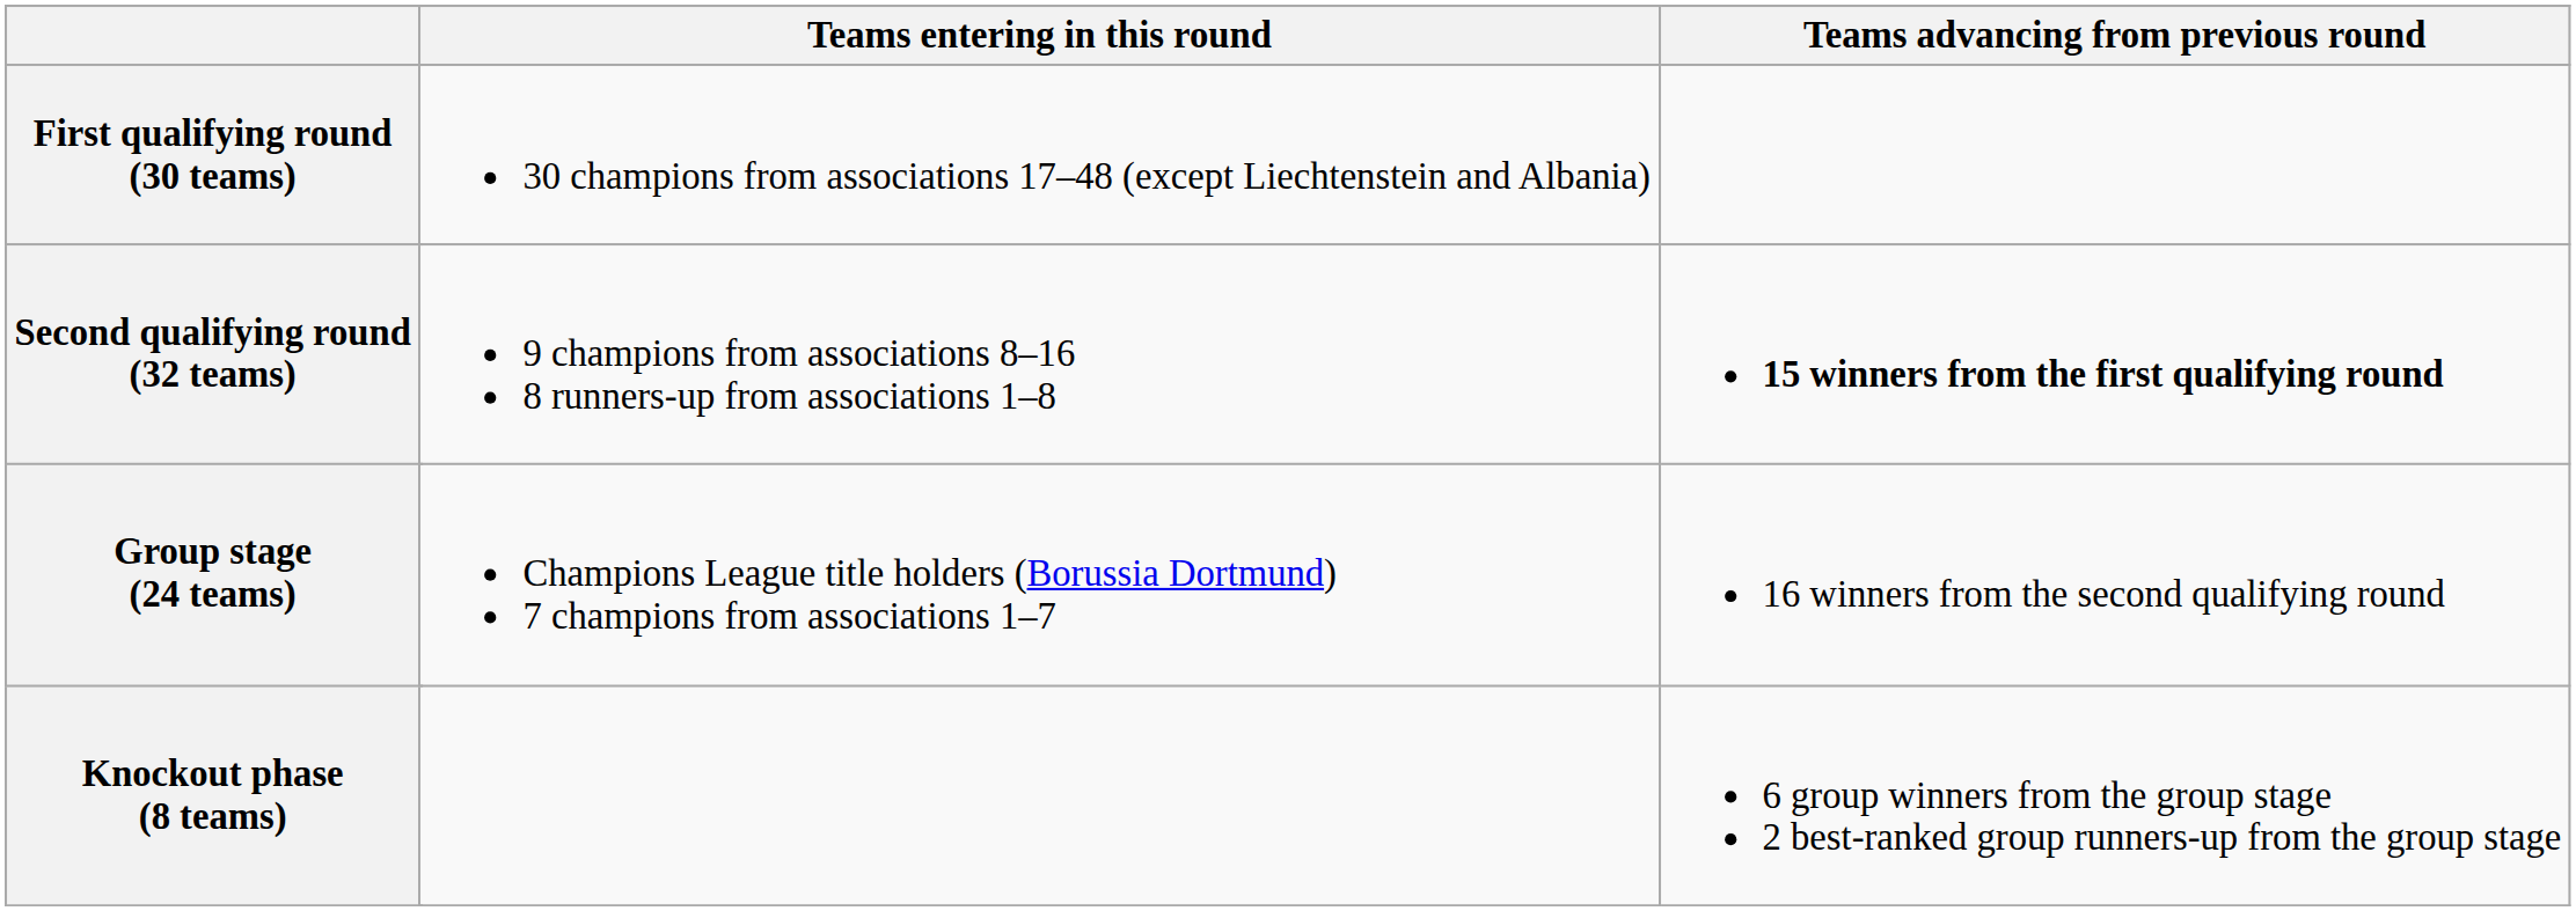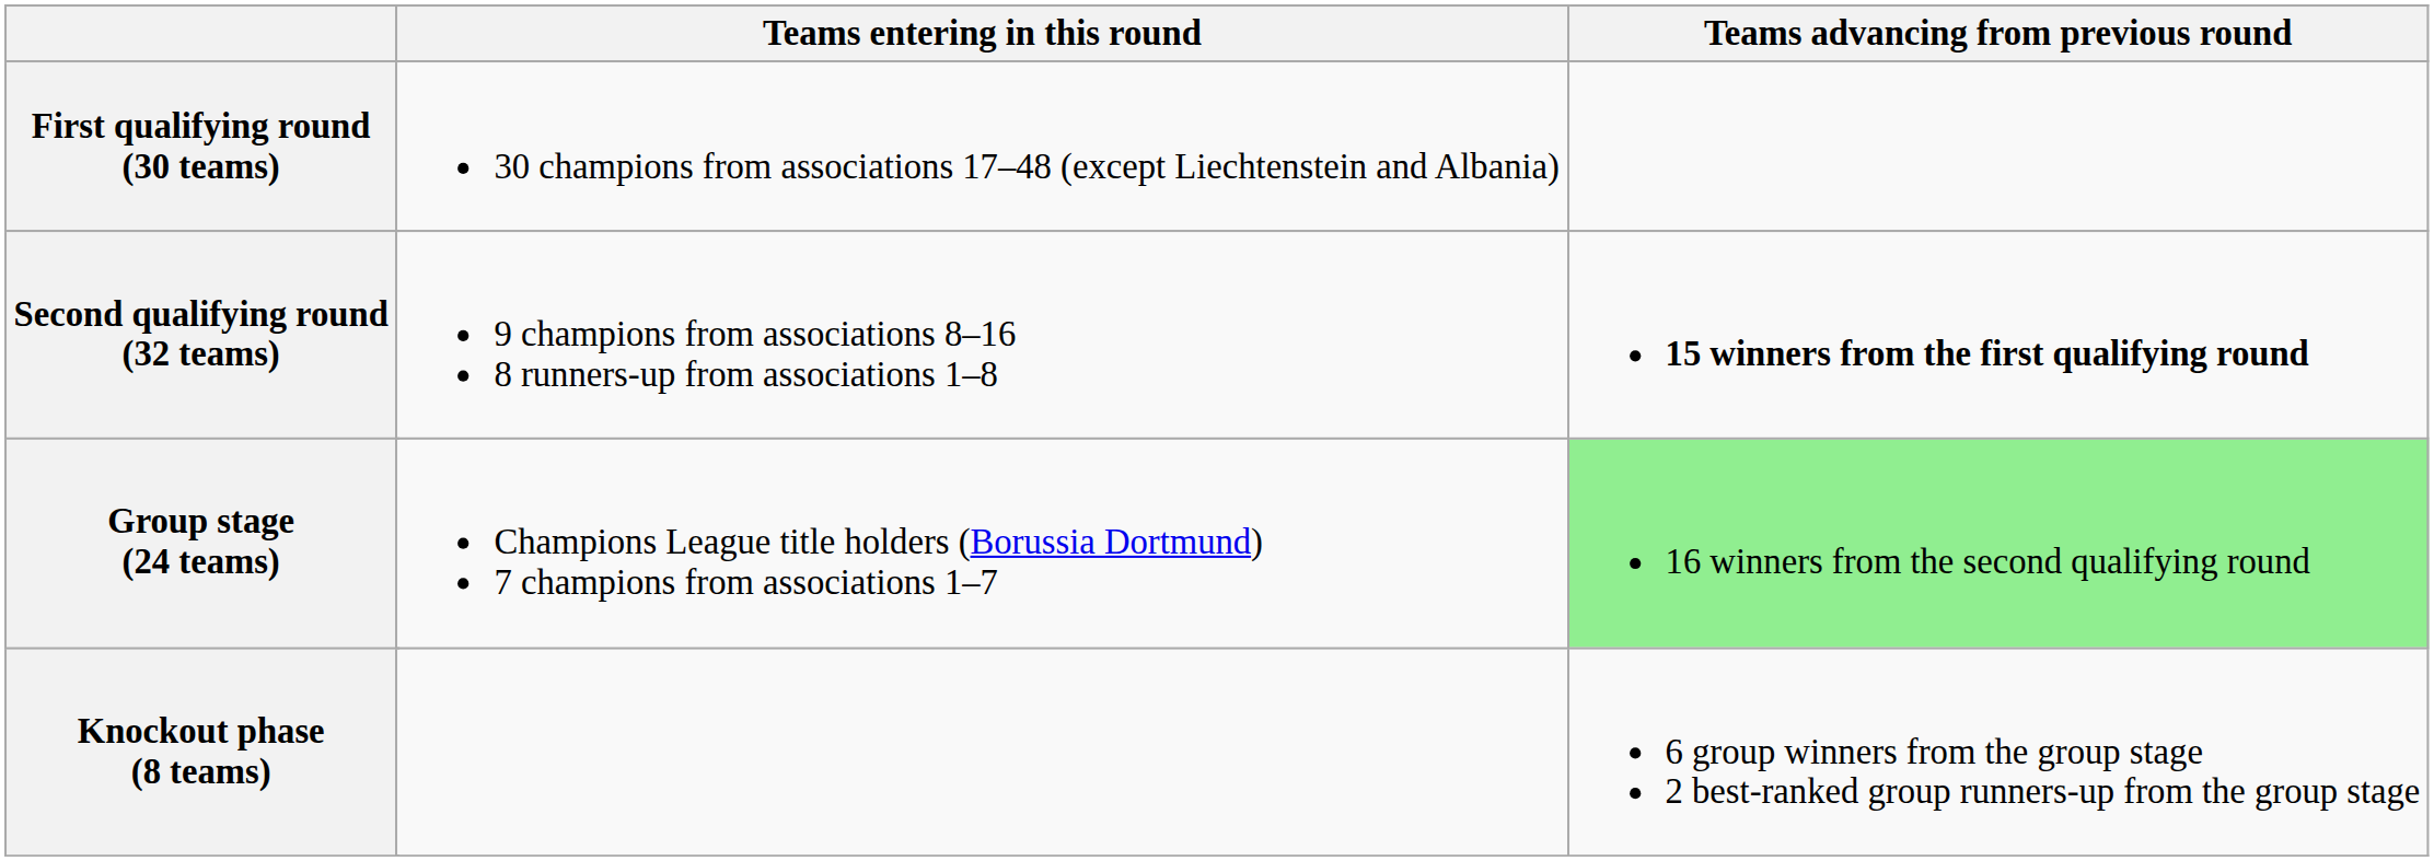 <table class="wikitable">
 <tr>
 <th colspan=2></th>
 <th>Teams entering in this round</th>
 <th>Teams advancing from previous round</th>
 </tr>
 <tr>
 <th colspan=2>First qualifying round<br>(30 teams)</th>
 <td><br><ul><li>30 champions from associations 17–48 (except Liechtenstein and Albania)</li></ul></td>
 <td></td>
 </tr>
 <tr>
 <th colspan=2>Second qualifying round<br>(32 teams)</th>
 <td><br><ul><li>9 champions from associations 8–16</li><li>8 runners-up from associations 1–8</li></ul></td>
 <td><strong><br><ul><li>15 winners from the first qualifying round</li></ul></strong></td>
 </tr>
 <tr>
 <th colspan=2>Group stage<br>(24 teams)</th>
 <td><br><ul><li>Champions League title holders (<a href='#'>Borussia Dortmund</a>)</li><li>7 champions from associations 1–7</li></ul></td>
-<td><br><ul><li>16 winners from the second qualifying round</li></ul></td>
+<td style="background: lightgreen;"><br><ul><li>16 winners from the second qualifying round</li></ul></td>
 </tr>
 <tr>
 <th colspan=2>Knockout phase<br>(8 teams)</th>
 <td></td>
 <td><br><ul><li>6 group winners from the group stage</li><li>2 best-ranked group runners-up from the group stage</li></ul></td>
 </tr>
 </table>
